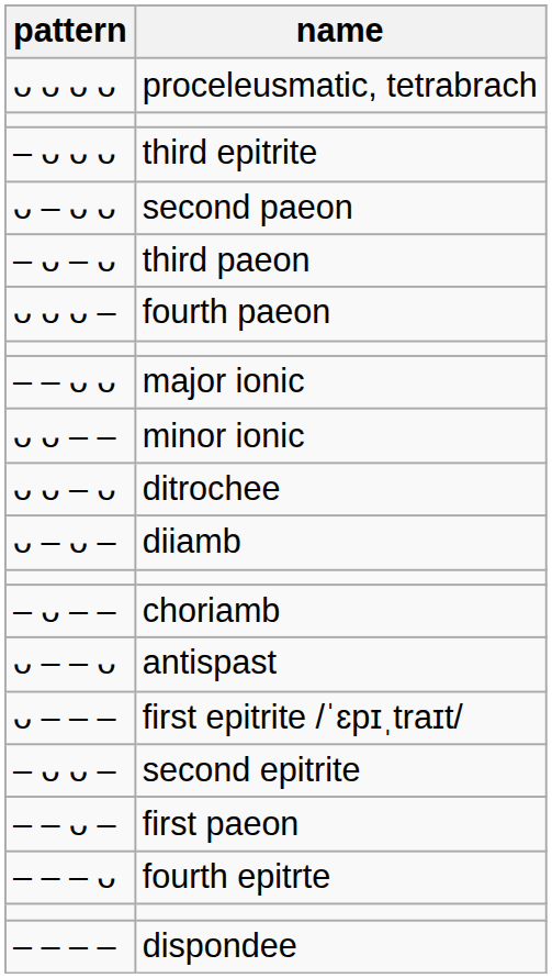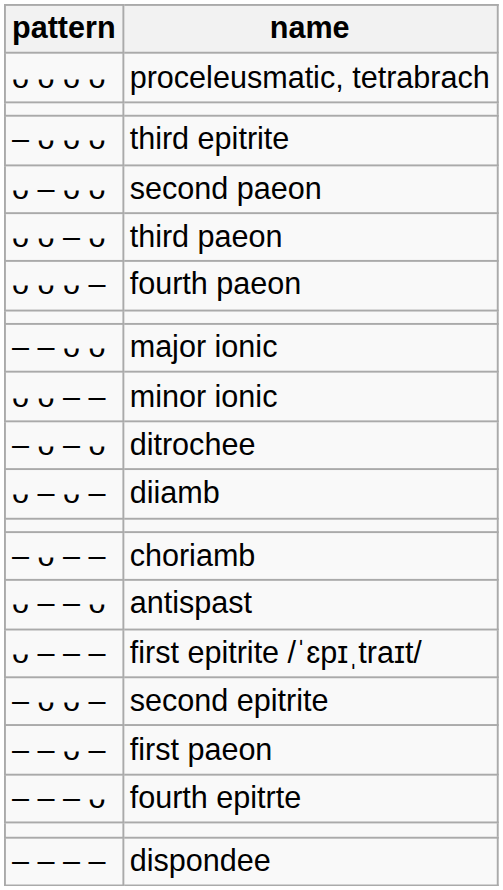 <table class="wikitable" style="text-align: left">
 <tr>
 <th>pattern</th>
 <th>name</th>
 </tr>
 <tr>
 <td>ᴗ ᴗ ᴗ ᴗ</td>
 <td>proceleusmatic, tetrabrach</td>
 </tr>
 <tr>
 <td></td>
 </tr>
 <tr>
 <td>– ᴗ ᴗ ᴗ</td>
 <td>third epitrite</td>
 </tr>
 <tr>
 <td>ᴗ – ᴗ ᴗ</td>
 <td>second paeon</td>
 </tr>
 <tr>
-<td>– ᴗ – ᴗ</td>
+<td>ᴗ ᴗ – ᴗ</td>
 <td>third paeon</td>
 </tr>
 <tr>
 <td>ᴗ ᴗ ᴗ –</td>
 <td>fourth paeon</td>
 </tr>
 <tr>
 <td></td>
 </tr>
 <tr>
 <td>– – ᴗ ᴗ</td>
 <td>major ionic</td>
 </tr>
 <tr>
 <td>ᴗ ᴗ – –</td>
 <td>minor ionic</td>
 </tr>
 <tr>
-<td>ᴗ ᴗ – ᴗ</td>
+<td>– ᴗ – ᴗ</td>
 <td>ditrochee</td>
 </tr>
 <tr>
 <td>ᴗ – ᴗ –</td>
 <td>diiamb</td>
 </tr>
 <tr>
 <td></td>
 </tr>
 <tr>
 <td>– ᴗ – –</td>
 <td>choriamb</td>
 </tr>
 <tr>
 <td>ᴗ – – ᴗ</td>
 <td>antispast</td>
 </tr>
 <tr>
 <td>ᴗ – – –</td>
 <td>first epitrite /ˈɛpɪˌtraɪt/</td>
 </tr>
 <tr>
 <td>– ᴗ ᴗ –</td>
 <td>second epitrite</td>
 </tr>
 <tr>
 <td>– – ᴗ –</td>
 <td>first paeon</td>
 </tr>
 <tr>
 <td>– – – ᴗ</td>
 <td>fourth epitrte</td>
 </tr>
 <tr>
 <td></td>
 </tr>
 <tr>
 <td>– – – –</td>
 <td>dispondee</td>
 </tr>
 </table>
